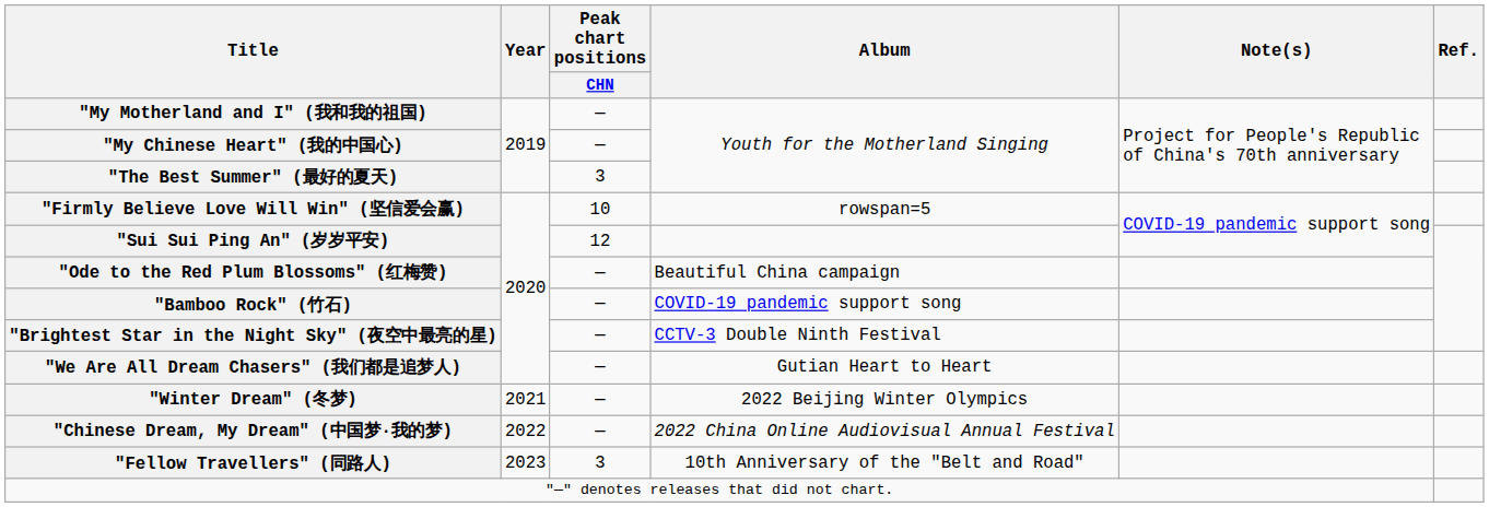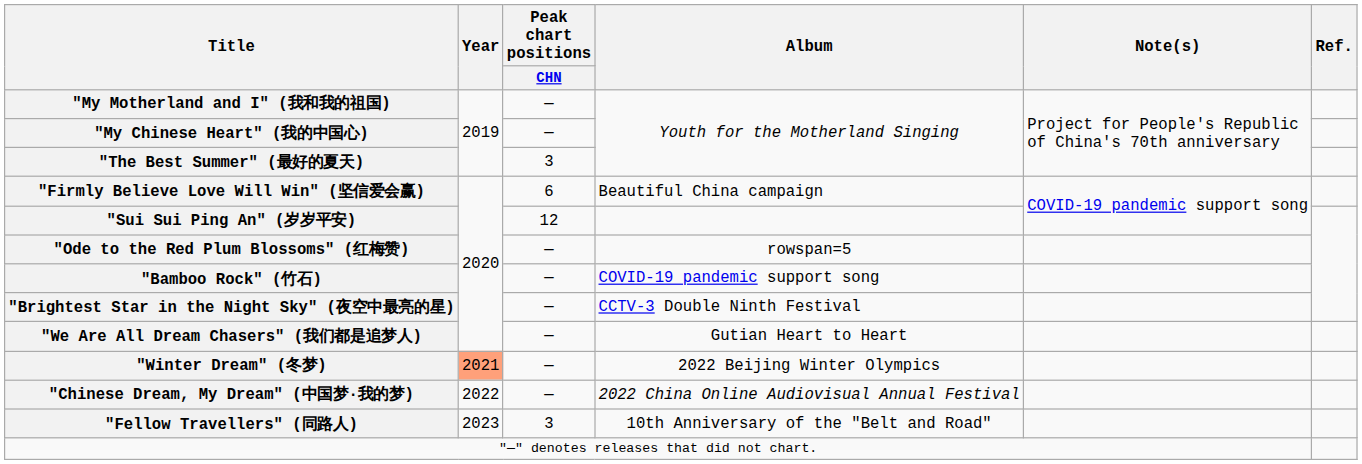 <table class="wikitable plainrowheaders" style="text-align:center">
 <tr>
 <th rowspan="2">Title</th>
 <th rowspan="2">Year</th>
 <th>Peak chart positions</th>
 <th rowspan="2">Album</th>
 <th rowspan="2">Note(s)</th>
 <th rowspan="2">Ref.</th>
 </tr>
 <tr>
 <th scope="col" style="width:3em;font-size:90%;"><a href='#'>CHN</a><br></th>
 </tr>
 <tr>
 <th scope="row">"My Motherland and I" (我和我的祖国)</th>
 <td rowspan="3">2019</td>
 <td>—</td>
 <td rowspan="3"><em>Youth for the Motherland Singing</em></td>
 <td rowspan="3" style="text-align:left">Project for People's Republic<br>of China's 70th anniversary</td>
 <td></td>
 </tr>
 <tr>
 <th scope="row">"My Chinese Heart" (我的中国心)</th>
 <td>—</td>
 <td></td>
 </tr>
 <tr>
 <th scope="row">"The Best Summer" (最好的夏天)</th>
 <td>3</td>
 <td></td>
 </tr>
 <tr>
 <th scope="row">"Firmly Believe Love Will Win" (坚信爱会赢)</th>
 <td rowspan="6">2020</td>
-<td>10</td>
-<td>rowspan=5 </td>
+<td>6</td>
+<td style="text-align:left">Beautiful China campaign</td>
 <td rowspan="2" style="text-align:left"><a href='#'>COVID-19 pandemic</a> support song</td>
 <td></td>
 </tr>
 <tr>
 <th scope="row">"Sui Sui Ping An" (岁岁平安)</th>
 <td>12</td>
 <td></td>
 </tr>
 <tr>
 <th scope="row">"Ode to the Red Plum Blossoms" (红梅赞)</th>
 <td>—</td>
-<td style="text-align:left">Beautiful China campaign</td>
+<td>rowspan=5 </td>
 <td></td>
 </tr>
 <tr>
 <th scope="row">"Bamboo Rock" (竹石)</th>
 <td>—</td>
 <td style="text-align:left"><a href='#'>COVID-19 pandemic</a> support song</td>
 <td></td>
 </tr>
 <tr>
 <th scope="row">"Brightest Star in the Night Sky" (夜空中最亮的星)</th>
 <td>—</td>
 <td style="text-align:left"><a href='#'>CCTV-3</a> Double Ninth Festival</td>
 <td></td>
 </tr>
 <tr>
 <th scope="row">"We Are All Dream Chasers" (我们都是追梦人)</th>
 <td>—</td>
 <td>Gutian Heart to Heart</td>
 <td></td>
 <td></td>
 </tr>
 <tr>
 <th scope="row">"Winter Dream" (冬梦)</th>
-<td>2021</td>
+<td style="background: lightsalmon;">2021</td>
 <td>—</td>
 <td>2022 Beijing Winter Olympics</td>
 <td></td>
 <td></td>
 </tr>
 <tr>
 <th scope="row">"Chinese Dream, My Dream" (中国梦·我的梦)</th>
 <td>2022</td>
 <td>—</td>
 <td><em>2022 China Online Audiovisual Annual Festival</em></td>
 <td></td>
 <td></td>
 </tr>
 <tr>
 <th scope="row">"Fellow Travellers" (同路人)</th>
 <td>2023</td>
 <td>3</td>
 <td>10th Anniversary of the "Belt and Road"</td>
 <td></td>
 <td></td>
 </tr>
 <tr>
 <td colspan="5" style="font-size:85%">"—" denotes releases that did not chart.</td>
 </tr>
 </table>
